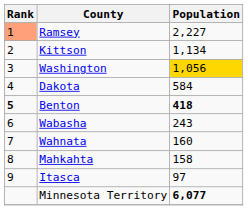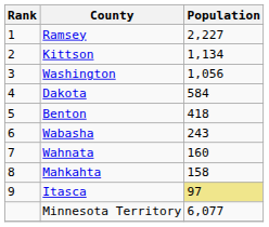 <table class=wikitable>
 <tr>
 <th>Rank</th>
 <th>County</th>
 <th>Population</th>
 </tr>
 <tr>
-<td style="background: lightsalmon;">1</td>
+<td>1</td>
 <td><a href='#'>Ramsey</a></td>
 <td>2,227</td>
 </tr>
 <tr>
 <td>2</td>
 <td><a href='#'>Kittson</a></td>
 <td>1,134</td>
 </tr>
 <tr>
 <td>3</td>
 <td><a href='#'>Washington</a></td>
-<td style="background: gold;">1,056</td>
+<td>1,056</td>
 </tr>
 <tr>
 <td>4</td>
 <td><a href='#'>Dakota</a></td>
 <td>584</td>
 </tr>
 <tr>
-<td><strong>5</strong></td>
+<td>5</td>
 <td><a href='#'>Benton</a></td>
-<td><strong>418</strong></td>
+<td>418</td>
 </tr>
 <tr>
 <td>6</td>
 <td><a href='#'>Wabasha</a></td>
 <td>243</td>
 </tr>
 <tr>
 <td>7</td>
 <td><a href='#'>Wahnata</a></td>
 <td>160</td>
 </tr>
 <tr>
 <td>8</td>
 <td><a href='#'>Mahkahta</a></td>
 <td>158</td>
 </tr>
 <tr>
 <td>9</td>
 <td><a href='#'>Itasca</a></td>
-<td>97</td>
+<td style="background: khaki;">97</td>
 </tr>
 <tr>
 <td></td>
 <td>Minnesota Territory</td>
-<td><strong>6,077</strong></td>
+<td>6,077</td>
 </tr>
 <tr>
 </tr>
 </table>
